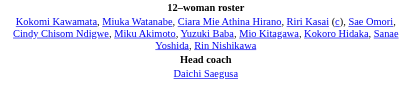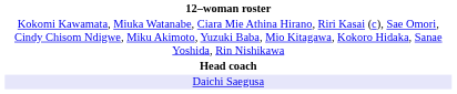 <table style="text-align: center; margin-top: 2em; margin-left: auto; margin-right: auto">
 <tr>
 <td><strong>12–woman roster</strong></td>
 </tr>
 <tr>
 <td><a href='#'>Kokomi Kawamata</a>, <a href='#'>Miuka Watanabe</a>, <a href='#'>Ciara Mie Athina Hirano</a>, <a href='#'>Riri Kasai</a> (<a href='#'>c</a>), <a href='#'>Sae Omori</a>, <a href='#'>Cindy Chisom Ndigwe</a>, <a href='#'>Miku Akimoto</a>, <a href='#'>Yuzuki Baba</a>, <a href='#'>Mio Kitagawa</a>, <a href='#'>Kokoro Hidaka</a>, <a href='#'>Sanae Yoshida</a>, <a href='#'>Rin Nishikawa</a></td>
 </tr>
 <tr>
 <td><strong>Head coach</strong></td>
 </tr>
 <tr>
-<td><a href='#'>Daichi Saegusa</a></td>
+<td style="background: lavender;"><a href='#'>Daichi Saegusa</a></td>
 </tr>
 </table>
